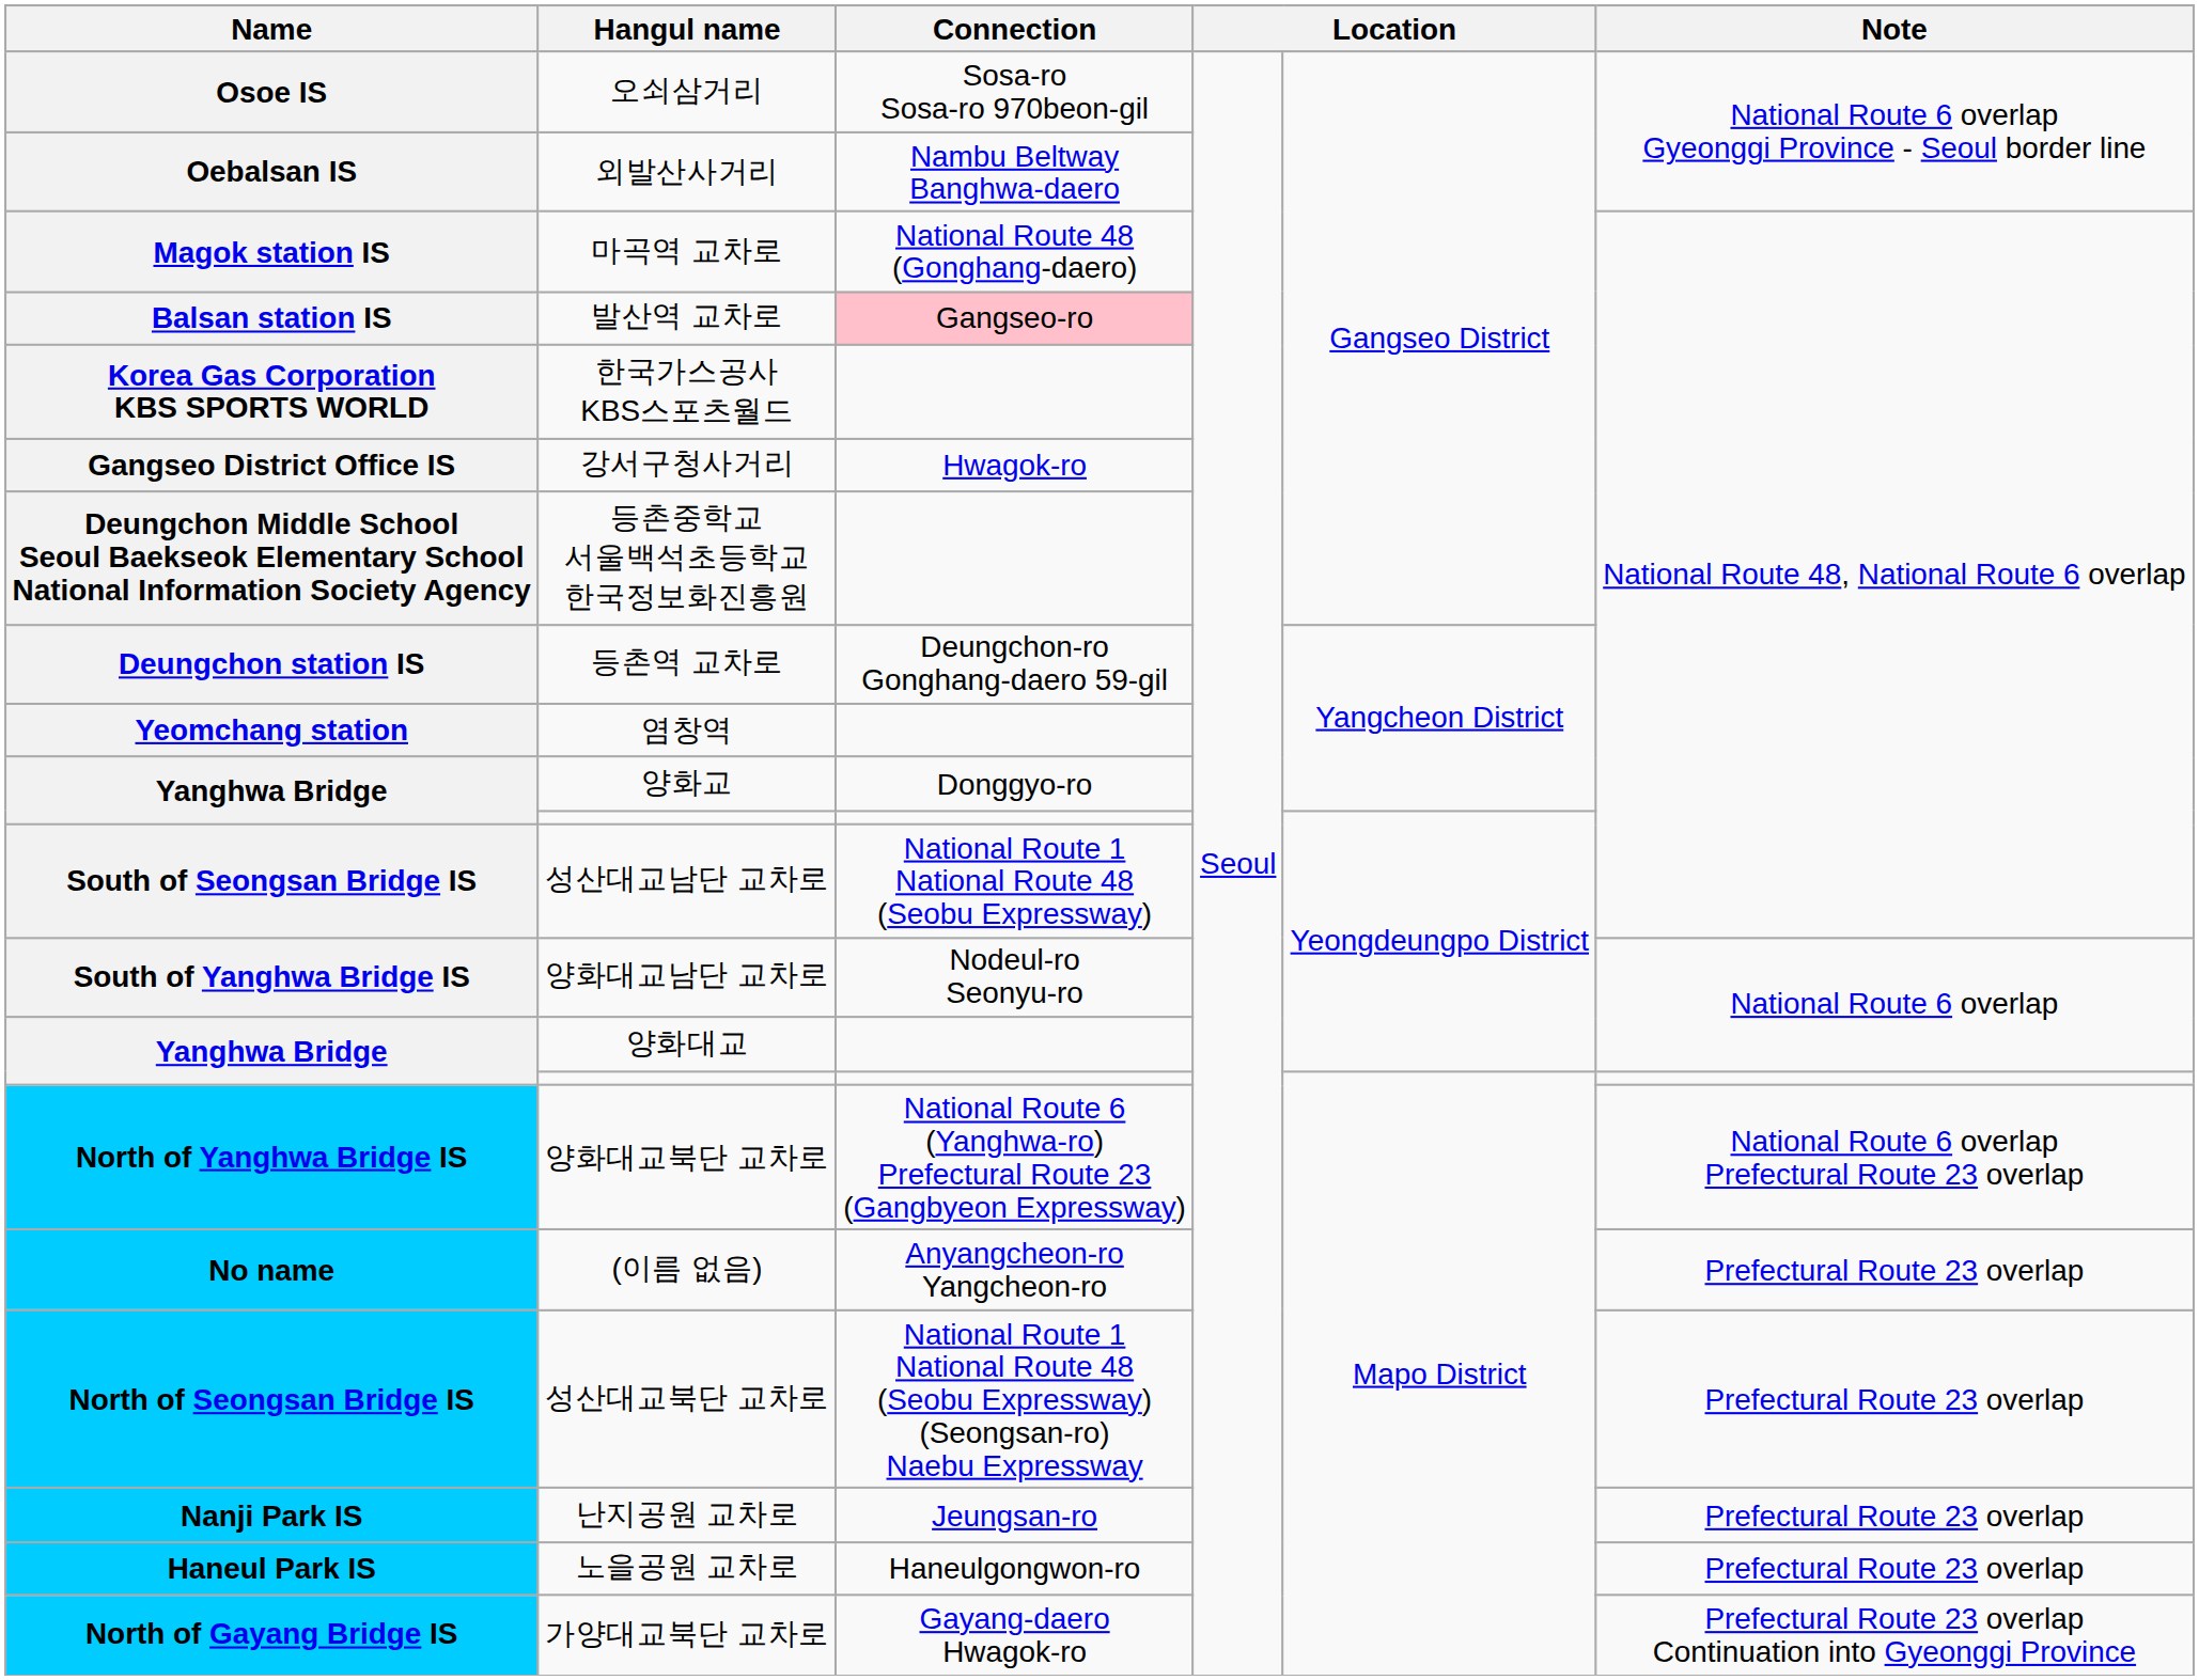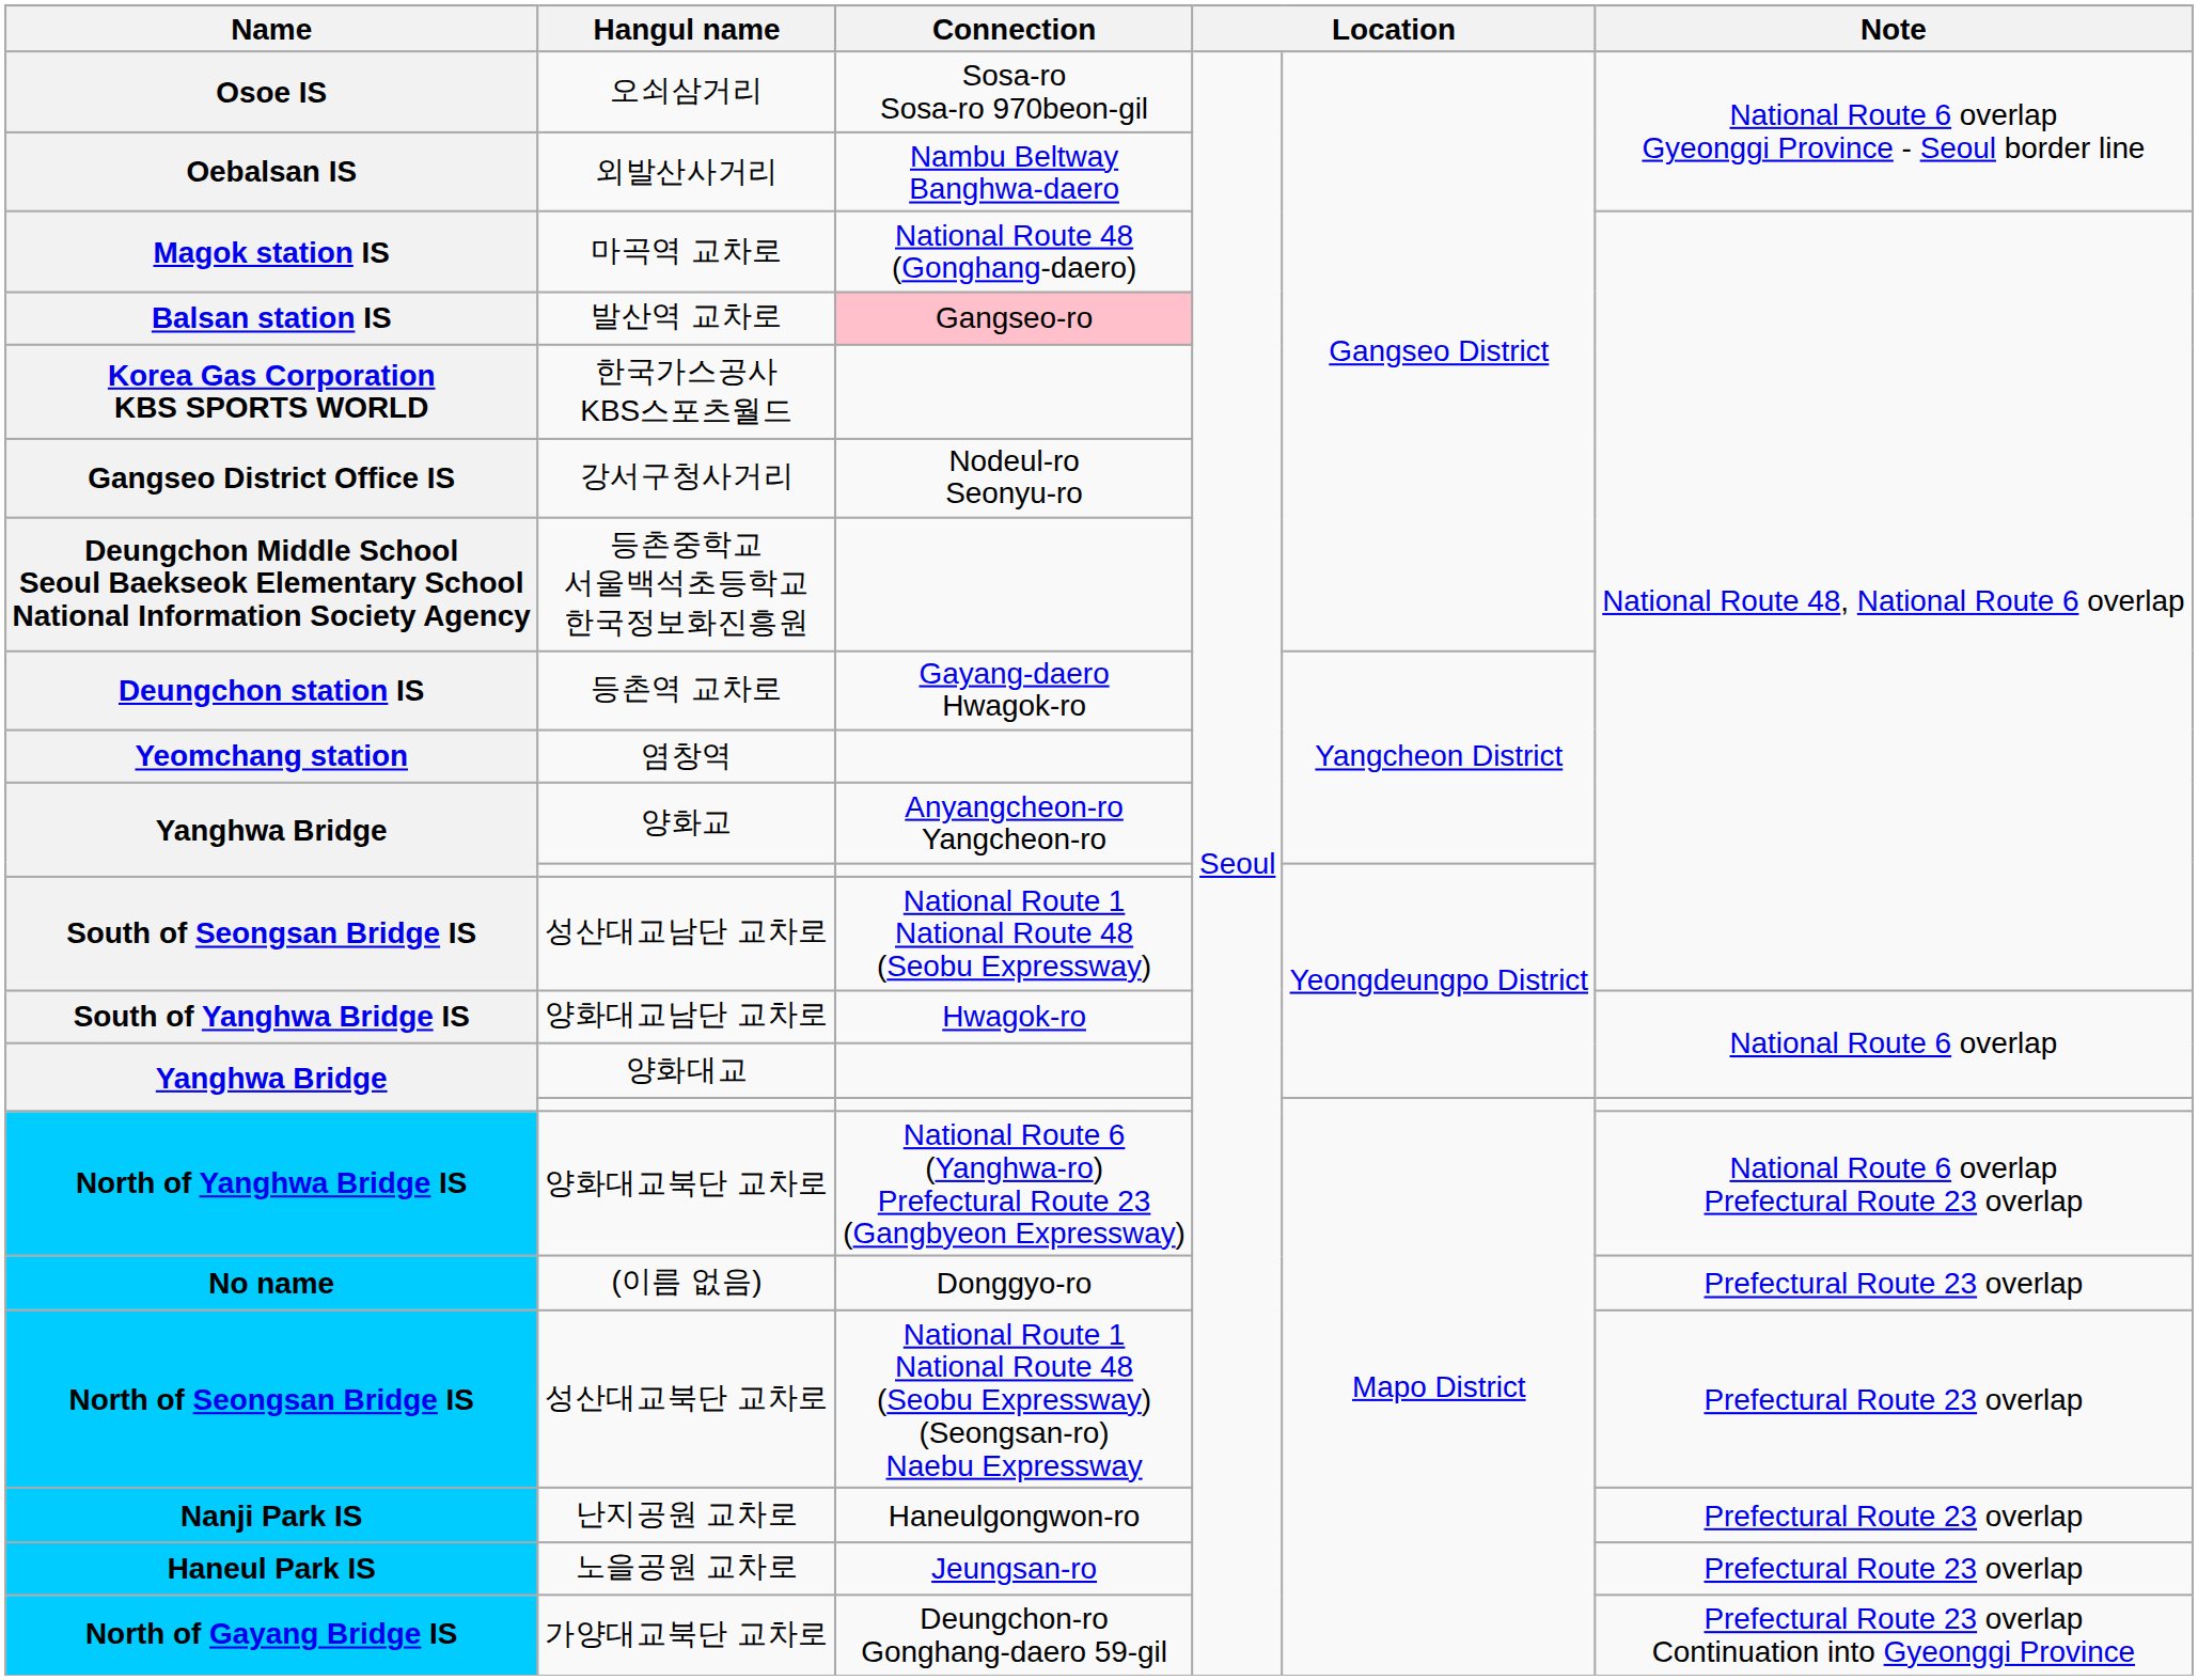 <table class="wikitable" style="font-size: 85%; text-align: center;">
 <tr>
 <th>Name</th>
 <th>Hangul name</th>
 <th>Connection</th>
 <th colspan="2">Location</th>
 <th>Note</th>
 </tr>
 <tr>
 <th>Osoe IS</th>
 <td>오쇠삼거리</td>
 <td>Sosa-ro<br>Sosa-ro 970beon-gil</td>
 <td rowspan=21><a href='#'>Seoul</a></td>
 <td rowspan=7><a href='#'>Gangseo District</a></td>
 <td rowspan=2><a href='#'>National Route 6</a> overlap<br><a href='#'>Gyeonggi Province</a> - <a href='#'>Seoul</a> border line</td>
 </tr>
 <tr>
 <th>Oebalsan IS</th>
 <td>외발산사거리</td>
 <td><a href='#'>Nambu Beltway</a><br><a href='#'>Banghwa-daero</a></td>
 </tr>
 <tr>
 <th><a href='#'>Magok station</a> IS</th>
 <td>마곡역 교차로</td>
 <td><a href='#'>National Route 48</a><br>(<a href='#'>Gonghang</a>-daero)</td>
 <td rowspan=10><a href='#'>National Route 48</a>, <a href='#'>National Route 6</a> overlap</td>
 </tr>
 <tr>
 <th><a href='#'>Balsan station</a> IS</th>
 <td>발산역 교차로</td>
 <td style="background: pink;">Gangseo-ro</td>
 </tr>
 <tr>
 <th><a href='#'>Korea Gas Corporation</a><br>KBS SPORTS WORLD</th>
 <td>한국가스공사<br>KBS스포츠월드</td>
 <td></td>
 </tr>
 <tr>
 <th>Gangseo District Office IS</th>
 <td>강서구청사거리</td>
-<td><a href='#'>Hwagok-ro</a></td>
+<td>Nodeul-ro<br>Seonyu-ro</td>
 </tr>
 <tr>
 <th>Deungchon Middle School<br>Seoul Baekseok Elementary School<br>National Information Society Agency</th>
 <td>등촌중학교<br>서울백석초등학교<br>한국정보화진흥원</td>
 <td></td>
 </tr>
 <tr>
 <th><a href='#'>Deungchon station</a> IS</th>
 <td>등촌역 교차로</td>
-<td>Deungchon-ro<br>Gonghang-daero 59-gil</td>
+<td><a href='#'>Gayang-daero</a><br>Hwagok-ro</td>
 <td rowspan=3><a href='#'>Yangcheon District</a></td>
 </tr>
 <tr>
 <th><a href='#'>Yeomchang station</a></th>
 <td>염창역</td>
 <td></td>
 </tr>
 <tr>
 <th rowspan=2>Yanghwa Bridge</th>
 <td>양화교</td>
-<td>Donggyo-ro</td>
+<td><a href='#'>Anyangcheon-ro</a><br>Yangcheon-ro</td>
 </tr>
 <tr>
 <td></td>
 <td></td>
 <td rowspan=4><a href='#'>Yeongdeungpo District</a></td>
 </tr>
 <tr>
 <th>South of <a href='#'>Seongsan Bridge</a> IS</th>
 <td>성산대교남단 교차로</td>
 <td><a href='#'>National Route 1</a><br><a href='#'>National Route 48</a><br>(<a href='#'>Seobu Expressway</a>)</td>
 </tr>
 <tr>
 <th>South of <a href='#'>Yanghwa Bridge</a> IS</th>
 <td>양화대교남단 교차로</td>
-<td>Nodeul-ro<br>Seonyu-ro</td>
+<td><a href='#'>Hwagok-ro</a></td>
 <td rowspan=2><a href='#'>National Route 6</a> overlap</td>
 </tr>
 <tr>
 <th rowspan=2><a href='#'>Yanghwa Bridge</a></th>
 <td>양화대교</td>
 <td></td>
 </tr>
 <tr>
 <td></td>
 <td></td>
 <td rowspan=7><a href='#'>Mapo District</a></td>
 </tr>
 <tr>
 <th style="background-color: #00CCFF;">North of <a href='#'>Yanghwa Bridge</a> IS</th>
 <td>양화대교북단 교차로</td>
 <td><a href='#'>National Route 6</a><br>(<a href='#'>Yanghwa-ro</a>)<br> <a href='#'>Prefectural Route 23</a><br>(<a href='#'>Gangbyeon Expressway</a>)</td>
 <td><a href='#'>National Route 6</a> overlap<br> <a href='#'>Prefectural Route 23</a>  overlap</td>
 </tr>
 <tr>
 <th style="background-color: #00CCFF;">No name</th>
 <td>(이름 없음)</td>
-<td><a href='#'>Anyangcheon-ro</a><br>Yangcheon-ro</td>
+<td>Donggyo-ro</td>
 <td><a href='#'>Prefectural Route 23</a> overlap</td>
 </tr>
 <tr>
 <th style="background-color: #00CCFF;">North of <a href='#'>Seongsan Bridge</a> IS</th>
 <td>성산대교북단 교차로</td>
 <td><a href='#'>National Route 1</a><br><a href='#'>National Route 48</a><br>(<a href='#'>Seobu Expressway</a>)<br>(Seongsan-ro)<br><a href='#'>Naebu Expressway</a></td>
 <td><a href='#'>Prefectural Route 23</a> overlap</td>
 </tr>
 <tr>
 <th style="background-color: #00CCFF;">Nanji Park IS</th>
 <td>난지공원 교차로</td>
-<td><a href='#'>Jeungsan-ro</a></td>
+<td>Haneulgongwon-ro</td>
 <td><a href='#'>Prefectural Route 23</a> overlap</td>
 </tr>
 <tr>
 <th style="background-color: #00CCFF;">Haneul Park IS</th>
 <td>노을공원 교차로</td>
-<td>Haneulgongwon-ro</td>
+<td><a href='#'>Jeungsan-ro</a></td>
 <td><a href='#'>Prefectural Route 23</a> overlap</td>
 </tr>
 <tr>
 <th style="background-color: #00CCFF;">North of <a href='#'>Gayang Bridge</a> IS</th>
 <td>가양대교북단 교차로</td>
-<td><a href='#'>Gayang-daero</a><br>Hwagok-ro</td>
+<td>Deungchon-ro<br>Gonghang-daero 59-gil</td>
 <td><a href='#'>Prefectural Route 23</a> overlap<br>Continuation into <a href='#'>Gyeonggi Province</a></td>
 </tr>
 <tr>
 </tr>
 </table>
